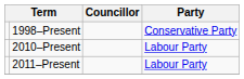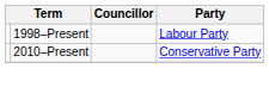 <table class="wikitable">
 <tr>
 <th colspan=2>Term</th>
 <th>Councillor</th>
 <th>Party</th>
 </tr>
 <tr>
 <td style="background-color: "></td>
 <td>1998–Present</td>
 <td></td>
-<td><a href='#'>Conservative Party</a></td>
+<td><a href='#'>Labour Party</a></td>
 </tr>
 <tr>
 <td style="background-color: "></td>
 <td>2010–Present</td>
 <td></td>
-<td><a href='#'>Labour Party</a></td>
-</tr>
-<tr>
-<td style="background-color: "></td>
-<td>2011–Present</td>
-<td></td>
-<td><a href='#'>Labour Party</a></td>
+<td><a href='#'>Conservative Party</a></td>
 </tr>
 <tr>
 </tr>
 </table>
